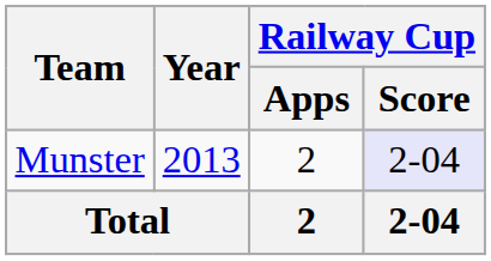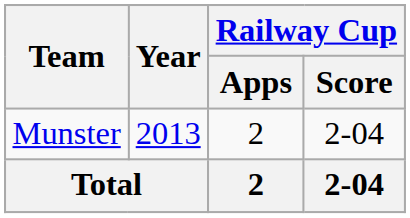 <table class="wikitable" style="text-align:center">
 <tr>
 <th rowspan="2">Team</th>
 <th rowspan="2">Year</th>
 <th colspan="2"><a href='#'>Railway Cup</a></th>
 </tr>
 <tr>
 <th>Apps</th>
 <th>Score</th>
 </tr>
 <tr>
 <td rowspan="1"><a href='#'>Munster</a></td>
 <td><a href='#'>2013</a></td>
 <td>2</td>
-<td style="background: lavender;">2-04</td>
+<td>2-04</td>
 </tr>
 <tr>
 <th colspan="2">Total</th>
 <th>2</th>
 <th>2-04</th>
 </tr>
 </table>
